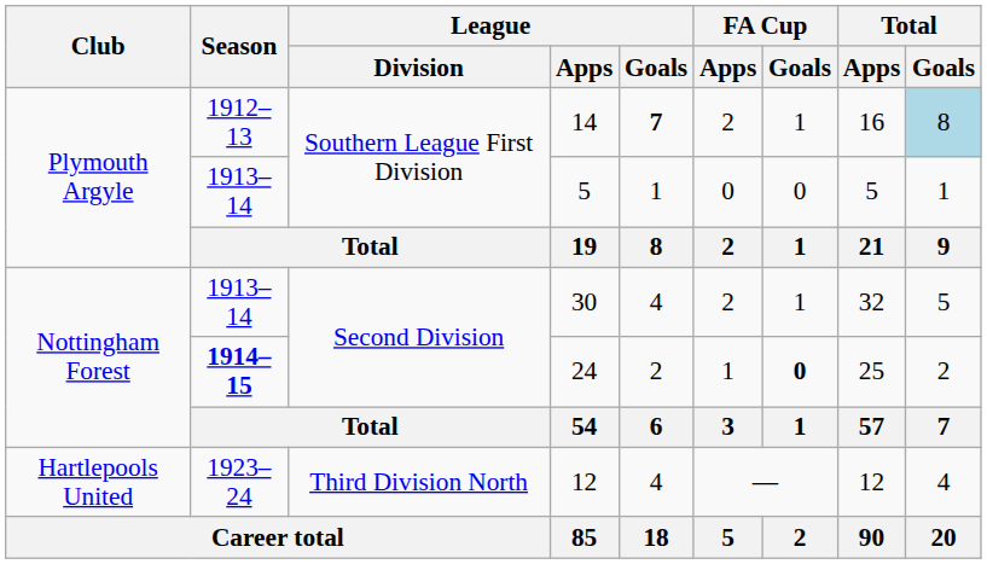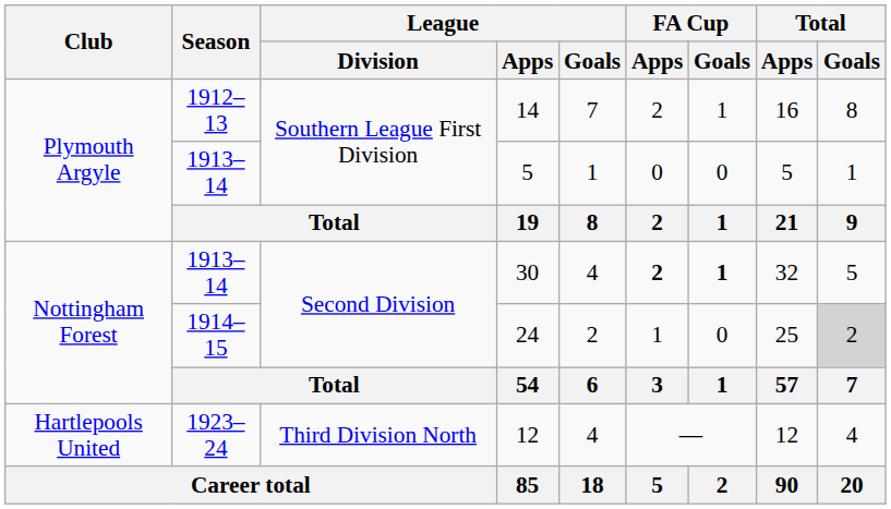 <table class="wikitable" style="text-align: center">
 <tr>
 <th rowspan="2">Club</th>
 <th rowspan="2">Season</th>
 <th colspan="3">League</th>
 <th colspan="2">FA Cup</th>
 <th colspan="2">Total</th>
 </tr>
 <tr>
 <th>Division</th>
 <th>Apps</th>
 <th>Goals</th>
 <th>Apps</th>
 <th>Goals</th>
 <th>Apps</th>
 <th>Goals</th>
 </tr>
 <tr>
 <td rowspan="3"><a href='#'>Plymouth Argyle</a></td>
 <td><a href='#'>1912–13</a></td>
 <td rowspan="2"><a href='#'>Southern League</a> First Division</td>
 <td>14</td>
-<td><strong>7</strong></td>
+<td>7</td>
 <td>2</td>
 <td>1</td>
 <td>16</td>
-<td style="background: lightblue;">8</td>
+<td>8</td>
 </tr>
 <tr>
 <td><a href='#'>1913–14</a></td>
 <td>5</td>
 <td>1</td>
 <td>0</td>
 <td>0</td>
 <td>5</td>
 <td>1</td>
 </tr>
 <tr>
 <th colspan="2">Total</th>
 <th>19</th>
 <th>8</th>
 <th>2</th>
 <th>1</th>
 <th>21</th>
 <th>9</th>
 </tr>
 <tr>
 <td rowspan="3"><a href='#'>Nottingham Forest</a></td>
 <td><a href='#'>1913–14</a></td>
 <td rowspan="2"><a href='#'>Second Division</a></td>
 <td>30</td>
 <td>4</td>
-<td>2</td>
-<td>1</td>
+<td><strong>2</strong></td>
+<td><strong>1</strong></td>
 <td>32</td>
 <td>5</td>
 </tr>
 <tr>
-<td><strong><a href='#'>1914–15</a></strong></td>
+<td><a href='#'>1914–15</a></td>
 <td>24</td>
 <td>2</td>
 <td>1</td>
-<td><strong>0</strong></td>
+<td>0</td>
 <td>25</td>
-<td>2</td>
+<td style="background: lightgrey;">2</td>
 </tr>
 <tr>
 <th colspan="2">Total</th>
 <th>54</th>
 <th>6</th>
 <th>3</th>
 <th>1</th>
 <th>57</th>
 <th>7</th>
 </tr>
 <tr>
 <td><a href='#'>Hartlepools United</a></td>
 <td><a href='#'>1923–24</a></td>
 <td><a href='#'>Third Division North</a></td>
 <td>12</td>
 <td>4</td>
 <td colspan="2">―</td>
 <td>12</td>
 <td>4</td>
 </tr>
 <tr>
 <th colspan="3">Career total</th>
 <th>85</th>
 <th>18</th>
 <th>5</th>
 <th>2</th>
 <th>90</th>
 <th>20</th>
 </tr>
 </table>
